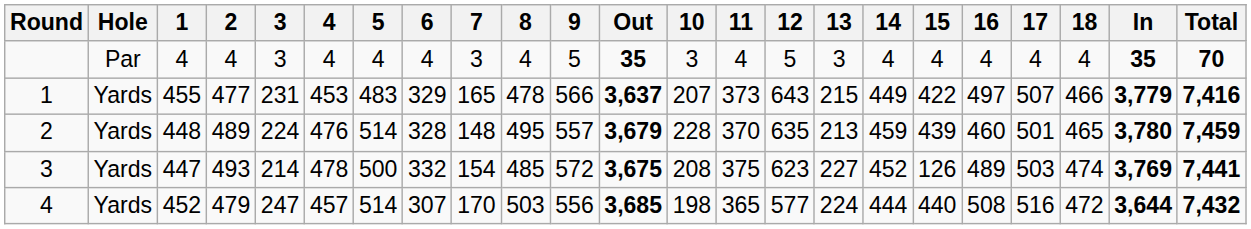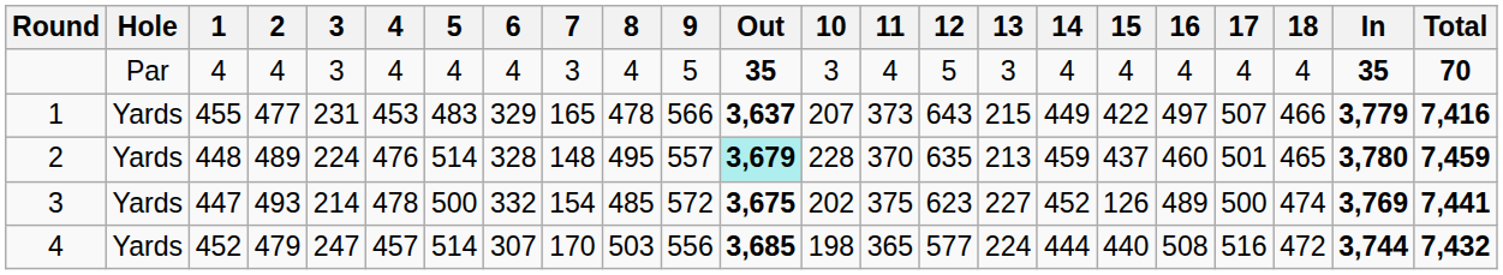 <table class="wikitable" style="text-align:center">
 <tr>
 <th>Round</th>
 <th align="left">Hole</th>
 <th>1</th>
 <th>2</th>
 <th>3</th>
 <th>4</th>
 <th>5</th>
 <th>6</th>
 <th>7</th>
 <th>8</th>
 <th>9</th>
 <th>Out</th>
 <th>10</th>
 <th>11</th>
 <th>12</th>
 <th>13</th>
 <th>14</th>
 <th>15</th>
 <th>16</th>
 <th>17</th>
 <th>18</th>
 <th>In</th>
 <th>Total</th>
 </tr>
 <tr>
 <td></td>
 <td>Par</td>
 <td>4</td>
 <td>4</td>
 <td>3</td>
 <td>4</td>
 <td>4</td>
 <td>4</td>
 <td>3</td>
 <td>4</td>
 <td>5</td>
 <td><strong>35</strong></td>
 <td>3</td>
 <td>4</td>
 <td>5</td>
 <td>3</td>
 <td>4</td>
 <td>4</td>
 <td>4</td>
 <td>4</td>
 <td>4</td>
 <td><strong>35</strong></td>
 <td><strong>70</strong></td>
 </tr>
 <tr>
 <td>1</td>
 <td align="left">Yards</td>
 <td>455</td>
 <td>477</td>
 <td>231</td>
 <td>453</td>
 <td>483</td>
 <td>329</td>
 <td>165</td>
 <td>478</td>
 <td>566</td>
 <td><strong>3,637</strong></td>
 <td>207</td>
 <td>373</td>
 <td>643</td>
 <td>215</td>
 <td>449</td>
 <td>422</td>
 <td>497</td>
 <td>507</td>
 <td>466</td>
 <td><strong>3,779</strong></td>
 <td><strong>7,416</strong></td>
 </tr>
 <tr>
 <td>2</td>
 <td align="left">Yards</td>
 <td>448</td>
 <td>489</td>
 <td>224</td>
 <td>476</td>
 <td>514</td>
 <td>328</td>
 <td>148</td>
 <td>495</td>
 <td>557</td>
-<td><strong>3,679</strong></td>
+<td style="background: paleturquoise;"><strong>3,679</strong></td>
 <td>228</td>
 <td>370</td>
 <td>635</td>
 <td>213</td>
 <td>459</td>
-<td>439</td>
+<td>437</td>
 <td>460</td>
 <td>501</td>
 <td>465</td>
 <td><strong>3,780</strong></td>
 <td><strong>7,459</strong></td>
 </tr>
 <tr>
 <td>3</td>
 <td align="left">Yards</td>
 <td>447</td>
 <td>493</td>
 <td>214</td>
 <td>478</td>
 <td>500</td>
 <td>332</td>
 <td>154</td>
 <td>485</td>
 <td>572</td>
 <td><strong>3,675</strong></td>
-<td>208</td>
+<td>202</td>
 <td>375</td>
 <td>623</td>
 <td>227</td>
 <td>452</td>
 <td>126</td>
 <td>489</td>
-<td>503</td>
+<td>500</td>
 <td>474</td>
 <td><strong>3,769</strong></td>
 <td><strong>7,441</strong></td>
 </tr>
 <tr>
 <td>4</td>
 <td align="left">Yards</td>
 <td>452</td>
 <td>479</td>
 <td>247</td>
 <td>457</td>
 <td>514</td>
 <td>307</td>
 <td>170</td>
 <td>503</td>
 <td>556</td>
 <td><strong>3,685</strong></td>
 <td>198</td>
 <td>365</td>
 <td>577</td>
 <td>224</td>
 <td>444</td>
 <td>440</td>
 <td>508</td>
 <td>516</td>
 <td>472</td>
-<td><strong>3,644</strong></td>
+<td><strong>3,744</strong></td>
 <td><strong>7,432</strong></td>
 </tr>
 </table>
